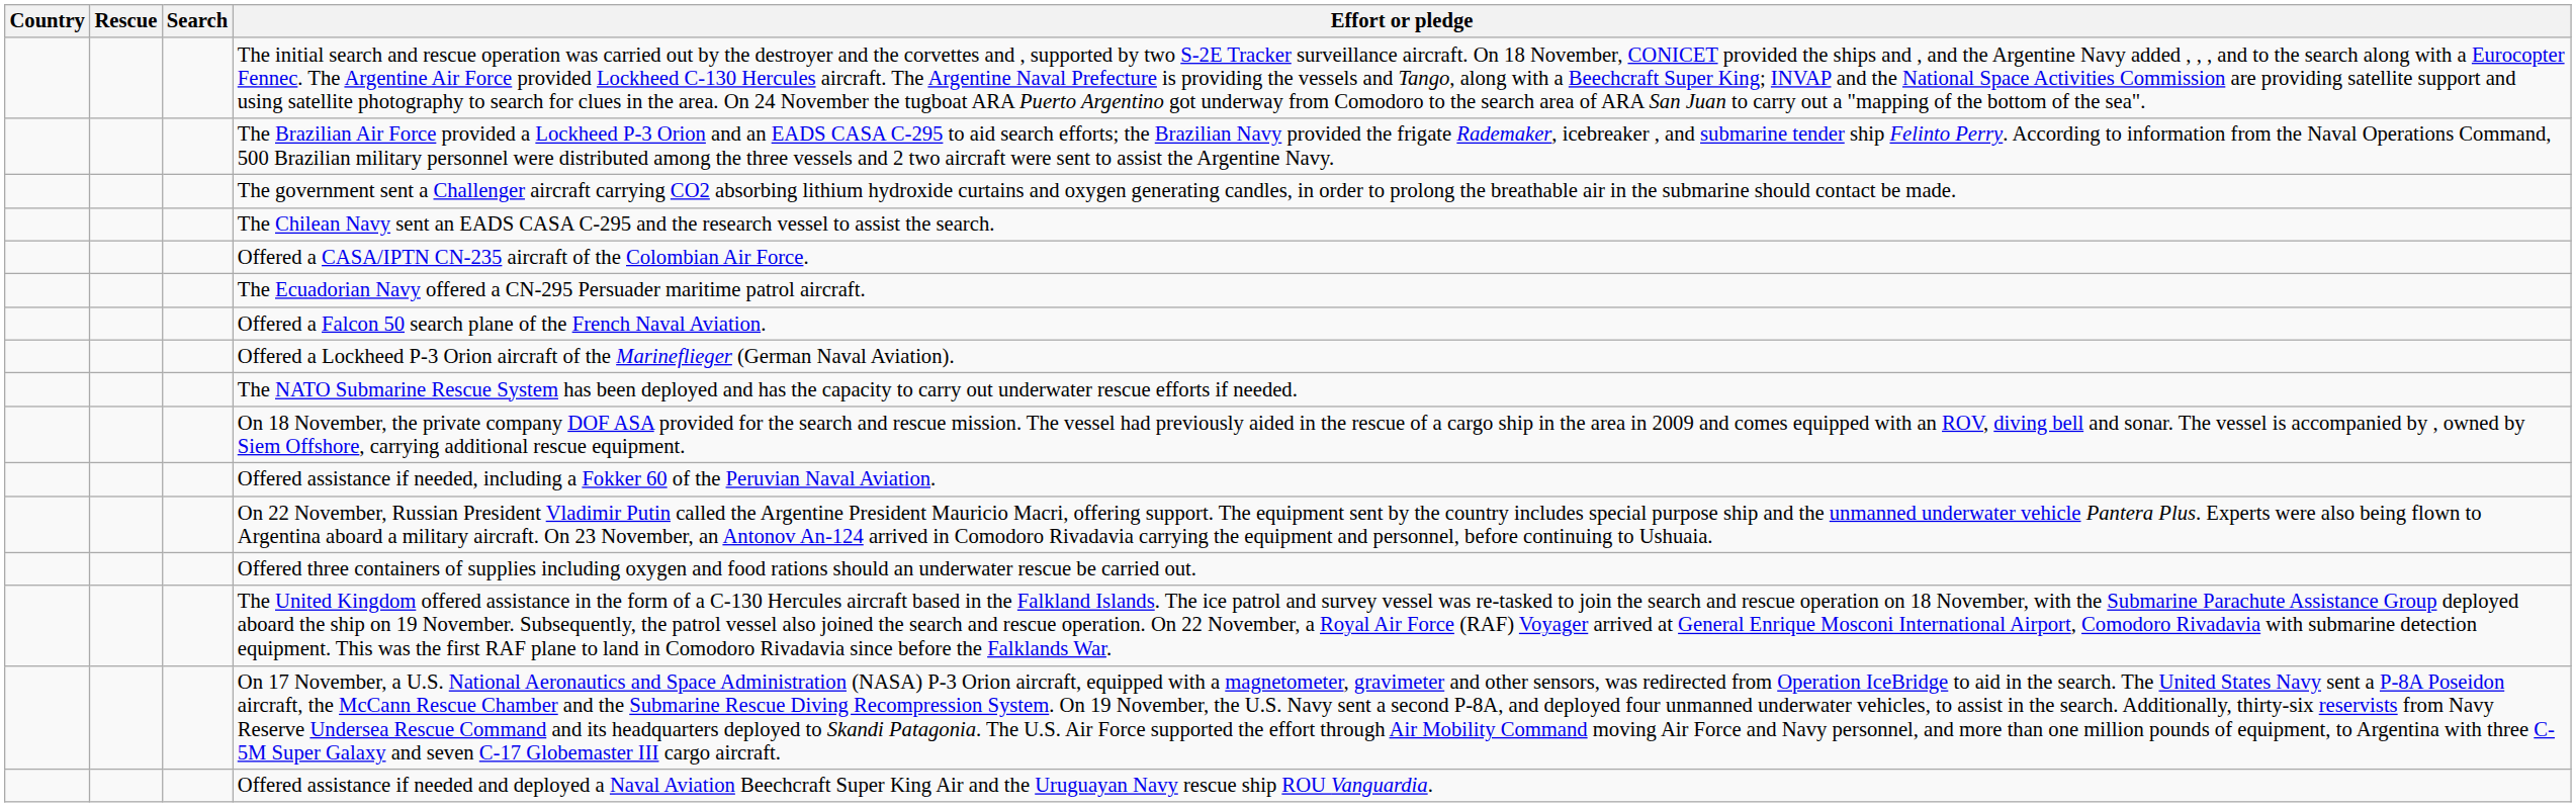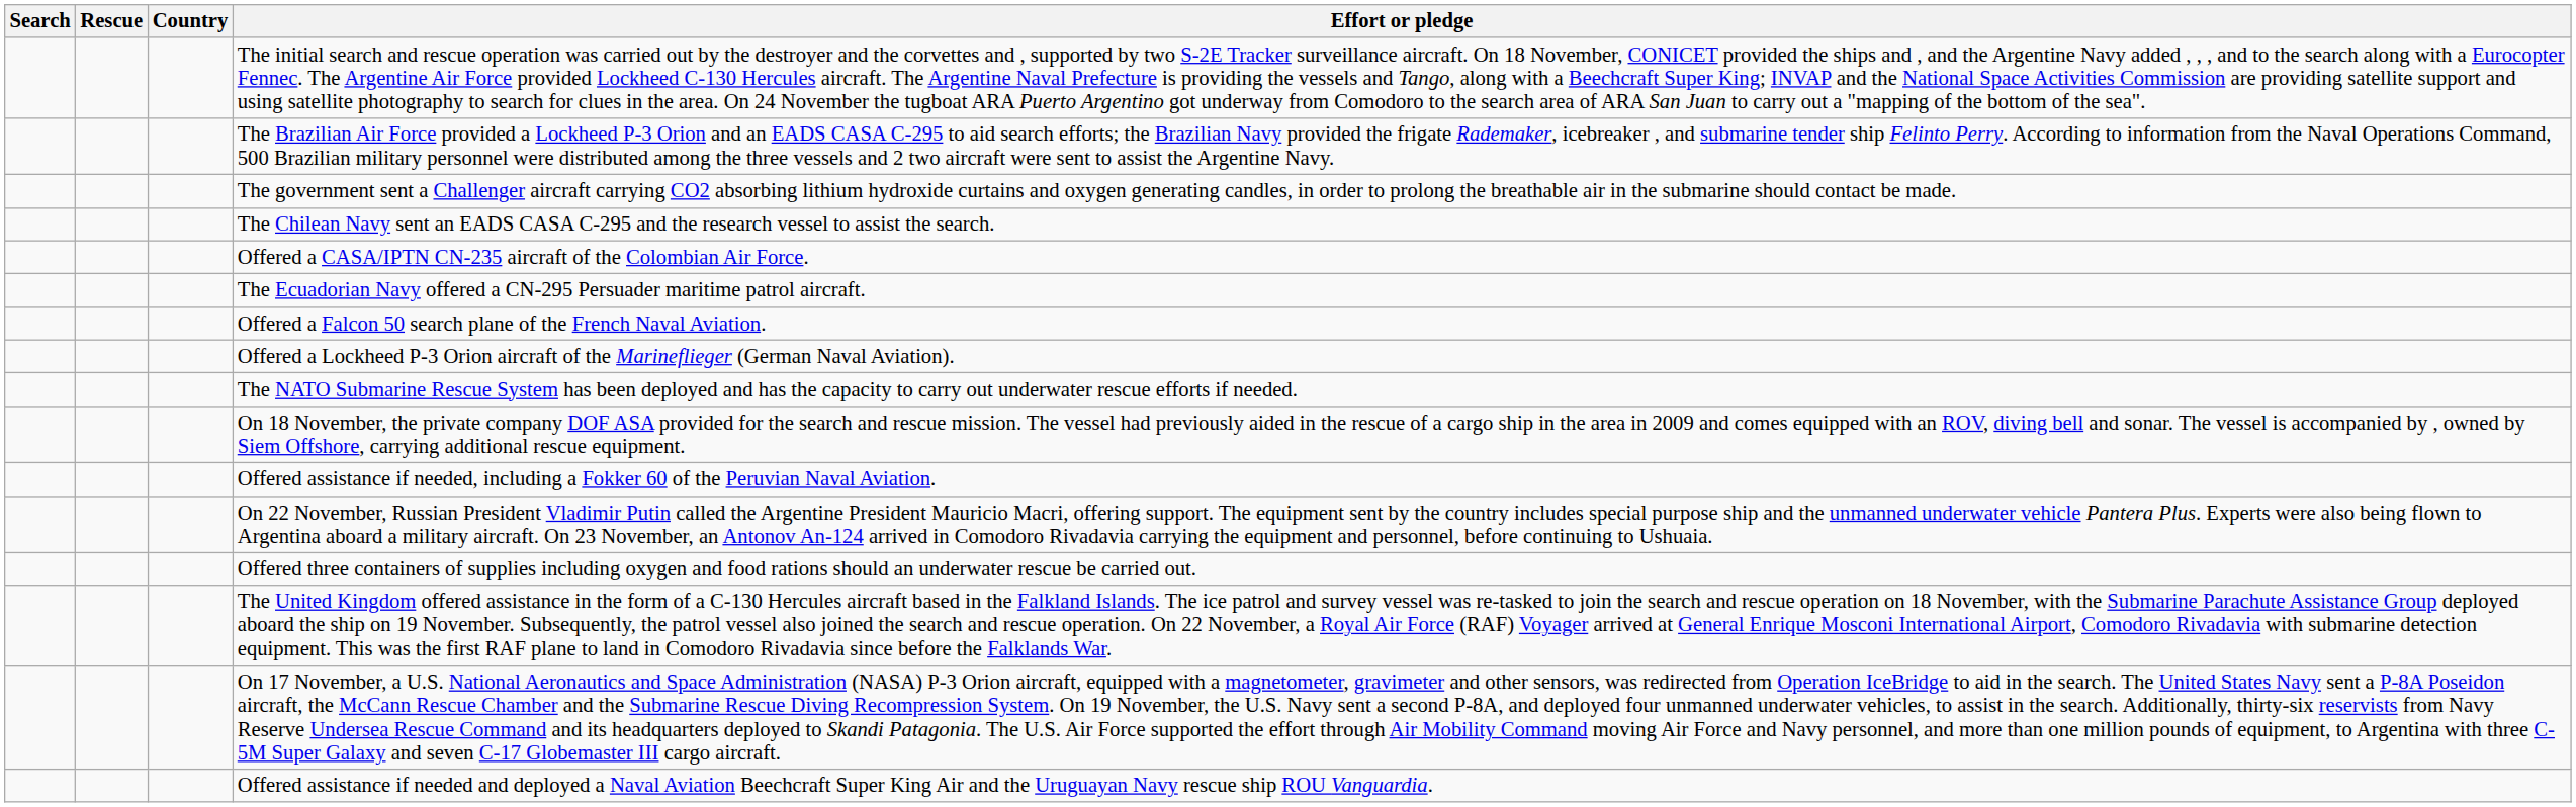 <table class="wikitable">
 <tr>
+<th>Search</th>
+<th>Rescue</th>
 <th>Country</th>
-<th>Rescue</th>
-<th>Search</th>
 <th>Effort or pledge</th>
 </tr>
 <tr>
 <td></td>
 <td></td>
 <td></td>
 <td>The initial search and rescue operation was carried out by the destroyer  and the corvettes  and , supported by two <a href='#'>S-2E Tracker</a> surveillance aircraft. On 18 November, <a href='#'>CONICET</a> provided the ships  and , and the Argentine Navy added , , ,  and  to the search along with a <a href='#'>Eurocopter Fennec</a>. The <a href='#'>Argentine Air Force</a> provided <a href='#'>Lockheed C-130 Hercules</a> aircraft. The <a href='#'>Argentine Naval Prefecture</a> is providing the vessels  and <em>Tango</em>, along with a <a href='#'>Beechcraft Super King</a>; <a href='#'>INVAP</a> and the <a href='#'>National Space Activities Commission</a> are providing satellite support and using satellite photography to search for clues in the area. On 24 November the tugboat ARA <em>Puerto Argentino</em> got underway from Comodoro to the search area of ARA <em>San Juan</em> to carry out a "mapping of the bottom of the sea".</td>
 </tr>
 <tr>
 <td></td>
 <td></td>
 <td></td>
 <td>The <a href='#'>Brazilian Air Force</a> provided a <a href='#'>Lockheed P-3 Orion</a> and an <a href='#'>EADS CASA C-295</a> to aid search efforts; the <a href='#'>Brazilian Navy</a> provided the frigate <a href='#'><em>Rademaker</em></a>, icebreaker , and <a href='#'>submarine tender</a> ship <a href='#'><em>Felinto Perry</em></a>. According to information from the Naval Operations Command, 500 Brazilian military personnel were distributed among the three vessels and 2 two aircraft were sent to assist the Argentine Navy.</td>
 </tr>
 <tr>
 <td></td>
 <td></td>
 <td></td>
 <td>The government sent a <a href='#'>Challenger</a> aircraft carrying <a href='#'>CO2</a> absorbing lithium hydroxide curtains and oxygen generating candles, in order to prolong the breathable air in the submarine should contact be made.</td>
 </tr>
 <tr>
 <td></td>
 <td></td>
 <td></td>
 <td>The <a href='#'>Chilean Navy</a> sent an EADS CASA C-295 and the research vessel  to assist the search.</td>
 </tr>
 <tr>
 <td></td>
 <td></td>
 <td></td>
 <td>Offered a <a href='#'>CASA/IPTN CN-235</a> aircraft of the <a href='#'>Colombian Air Force</a>.</td>
 </tr>
 <tr>
 <td></td>
 <td></td>
 <td></td>
 <td>The <a href='#'>Ecuadorian Navy</a> offered a CN-295 Persuader maritime patrol aircraft.</td>
 </tr>
 <tr>
 <td></td>
 <td></td>
 <td></td>
 <td>Offered a <a href='#'>Falcon 50</a> search plane of the <a href='#'>French Naval Aviation</a>.</td>
 </tr>
 <tr>
 <td></td>
 <td></td>
 <td></td>
 <td>Offered a Lockheed P-3 Orion aircraft of the <em><a href='#'>Marineflieger</a></em> (German Naval Aviation).</td>
 </tr>
 <tr>
 <td></td>
 <td></td>
 <td></td>
 <td>The <a href='#'>NATO Submarine Rescue System</a> has been deployed and has the capacity to carry out underwater rescue efforts if needed.</td>
 </tr>
 <tr>
 <td></td>
 <td></td>
 <td></td>
 <td>On 18 November, the private company <a href='#'>DOF ASA</a> provided  for the search and rescue mission. The vessel had previously aided in the rescue of a cargo ship in the area in 2009 and comes equipped with an <a href='#'>ROV</a>, <a href='#'>diving bell</a> and sonar. The vessel is accompanied by , owned by <a href='#'>Siem Offshore</a>, carrying additional rescue equipment.</td>
 </tr>
 <tr>
 <td></td>
 <td></td>
 <td></td>
 <td>Offered assistance if needed, including a <a href='#'>Fokker 60</a> of the <a href='#'>Peruvian Naval Aviation</a>.</td>
 </tr>
 <tr>
 <td></td>
 <td></td>
 <td></td>
 <td>On 22 November, Russian President <a href='#'>Vladimir Putin</a> called the Argentine President Mauricio Macri, offering support. The equipment sent by the country includes special purpose ship  and the <a href='#'>unmanned underwater vehicle</a> <em>Pantera Plus</em>. Experts were also being flown to Argentina aboard a military aircraft. On 23 November, an <a href='#'>Antonov An-124</a> arrived in Comodoro Rivadavia carrying the equipment and personnel, before continuing to Ushuaia.</td>
 </tr>
 <tr>
 <td></td>
 <td></td>
 <td></td>
 <td>Offered three containers of supplies including oxygen and food rations should an underwater rescue be carried out.</td>
 </tr>
 <tr>
 <td></td>
 <td></td>
 <td></td>
 <td>The <a href='#'>United Kingdom</a> offered assistance in the form of a C-130 Hercules aircraft based in the <a href='#'>Falkland Islands</a>. The ice patrol and survey vessel  was re-tasked to join the search and rescue operation on 18 November, with the <a href='#'>Submarine Parachute Assistance Group</a> deployed aboard the ship on 19 November. Subsequently, the patrol vessel  also joined the search and rescue operation. On 22 November, a <a href='#'>Royal Air Force</a> (RAF) <a href='#'>Voyager</a> arrived at <a href='#'>General Enrique Mosconi International Airport</a>, <a href='#'>Comodoro Rivadavia</a> with submarine detection equipment. This was the first RAF plane to land in Comodoro Rivadavia since before the <a href='#'>Falklands War</a>.</td>
 </tr>
 <tr>
 <td></td>
 <td></td>
 <td></td>
 <td>On 17 November, a U.S. <a href='#'>National Aeronautics and Space Administration</a> (NASA) P-3 Orion aircraft, equipped with a <a href='#'>magnetometer</a>, <a href='#'>gravimeter</a> and other sensors, was redirected from <a href='#'>Operation IceBridge</a> to aid in the search. The <a href='#'>United States Navy</a> sent a <a href='#'>P-8A Poseidon</a> aircraft, the <a href='#'>McCann Rescue Chamber</a> and the <a href='#'>Submarine Rescue Diving Recompression System</a>. On 19 November, the U.S. Navy sent a second P-8A, and deployed four unmanned underwater vehicles, to assist in the search. Additionally, thirty-six <a href='#'>reservists</a> from Navy Reserve <a href='#'>Undersea Rescue Command</a> and its headquarters deployed to <em>Skandi Patagonia</em>. The U.S. Air Force supported the effort through <a href='#'>Air Mobility Command</a> moving Air Force and Navy personnel, and more than one million pounds of equipment, to Argentina with three <a href='#'>C-5M Super Galaxy</a> and seven <a href='#'>C-17 Globemaster III</a> cargo aircraft.</td>
 </tr>
 <tr>
 <td></td>
 <td></td>
 <td></td>
 <td>Offered assistance if needed and deployed a <a href='#'>Naval Aviation</a> Beechcraft Super King Air and the <a href='#'>Uruguayan Navy</a> rescue ship <a href='#'>ROU <em>Vanguardia</em></a>.</td>
 </tr>
 </table>
